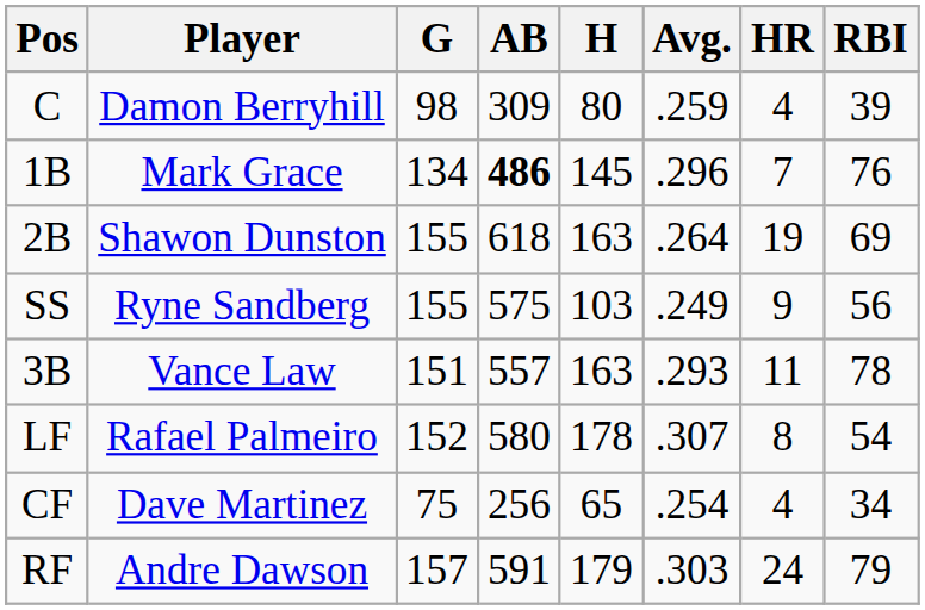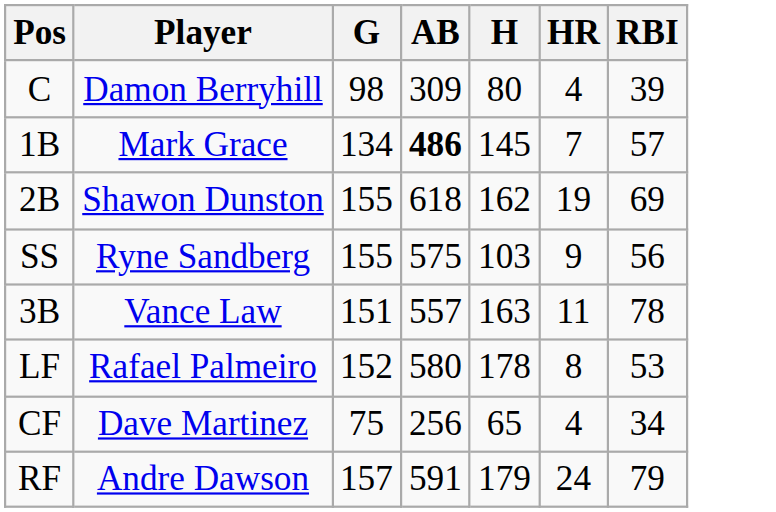 <table class="wikitable sortable" style="text-align:center">
 <tr>
 <th>Pos</th>
 <th>Player</th>
 <th>G</th>
 <th>AB</th>
 <th>H</th>
-<th>Avg.</th>
 <th>HR</th>
 <th>RBI</th>
 </tr>
 <tr>
 <td>C</td>
 <td><a href='#'>Damon Berryhill</a></td>
 <td>98</td>
 <td>309</td>
 <td>80</td>
-<td>.259</td>
 <td>4</td>
 <td>39</td>
 </tr>
 <tr>
 <td>1B</td>
 <td><a href='#'>Mark Grace</a></td>
 <td>134</td>
 <td><strong>486</strong></td>
 <td>145</td>
-<td>.296</td>
 <td>7</td>
-<td>76</td>
+<td>57</td>
 </tr>
 <tr>
 <td>2B</td>
 <td><a href='#'>Shawon Dunston</a></td>
 <td>155</td>
 <td>618</td>
-<td>163</td>
-<td>.264</td>
+<td>162</td>
 <td>19</td>
 <td>69</td>
 </tr>
 <tr>
 <td>SS</td>
 <td><a href='#'>Ryne Sandberg</a></td>
 <td>155</td>
 <td>575</td>
 <td>103</td>
-<td>.249</td>
 <td>9</td>
 <td>56</td>
 </tr>
 <tr>
 <td>3B</td>
 <td><a href='#'>Vance Law</a></td>
 <td>151</td>
 <td>557</td>
 <td>163</td>
-<td>.293</td>
 <td>11</td>
 <td>78</td>
 </tr>
 <tr>
 <td>LF</td>
 <td><a href='#'>Rafael Palmeiro</a></td>
 <td>152</td>
 <td>580</td>
 <td>178</td>
-<td>.307</td>
 <td>8</td>
-<td>54</td>
+<td>53</td>
 </tr>
 <tr>
 <td>CF</td>
 <td><a href='#'>Dave Martinez</a></td>
 <td>75</td>
 <td>256</td>
 <td>65</td>
-<td>.254</td>
 <td>4</td>
 <td>34</td>
 </tr>
 <tr>
 <td>RF</td>
 <td><a href='#'>Andre Dawson</a></td>
 <td>157</td>
 <td>591</td>
 <td>179</td>
-<td>.303</td>
 <td>24</td>
 <td>79</td>
 </tr>
 </table>
